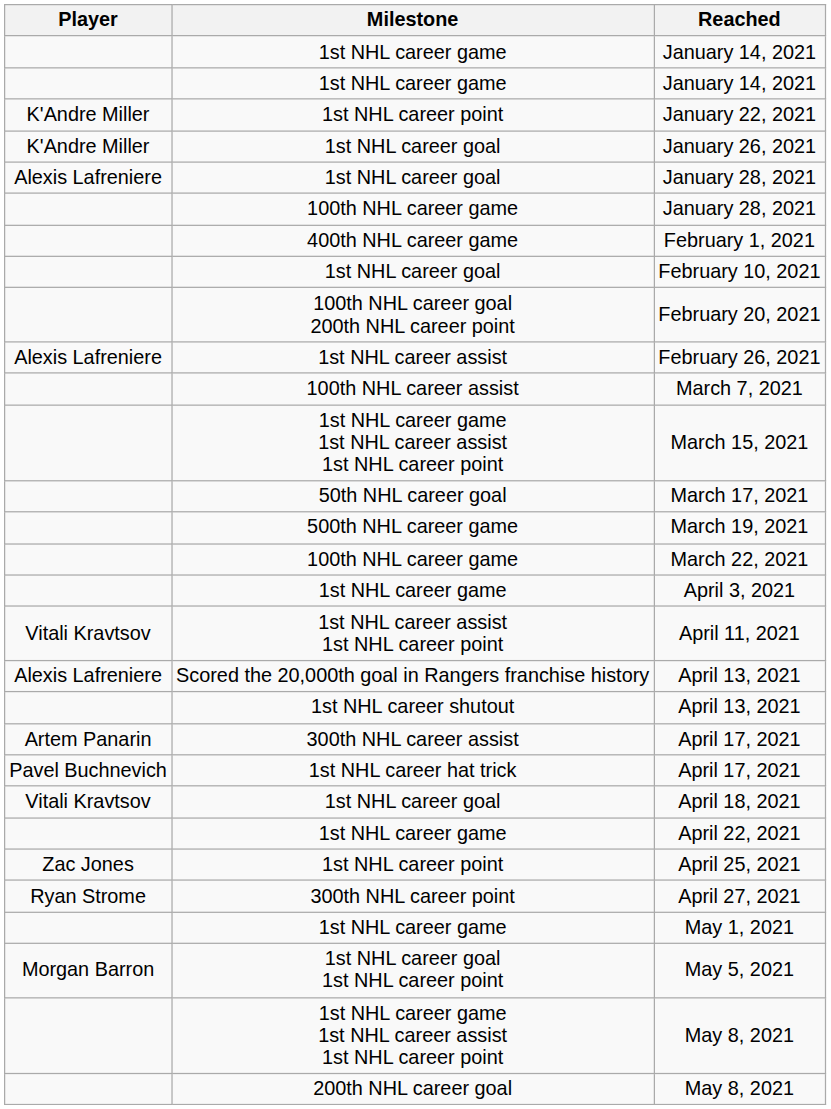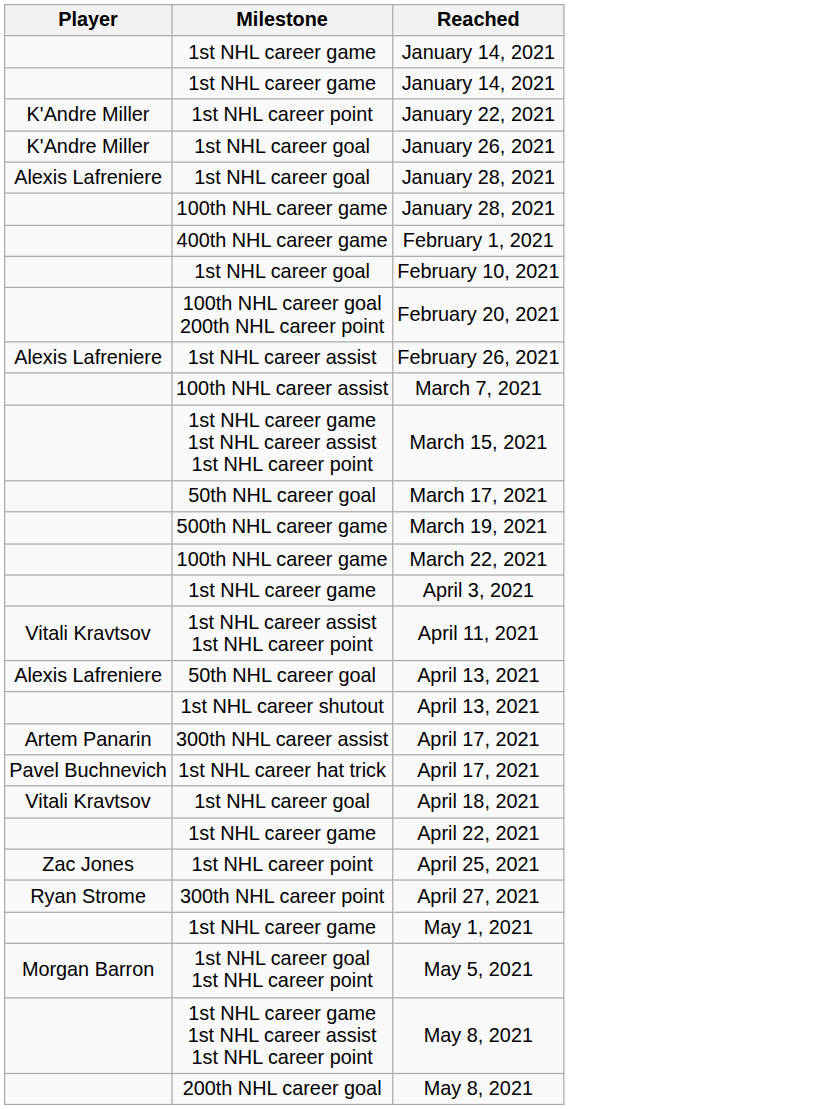 <table class="wikitable sortable" style="text-align:center;">
 <tr>
 <th>Player</th>
 <th>Milestone</th>
 <th>Reached</th>
 </tr>
 <tr>
 <td></td>
 <td>1st NHL career game</td>
 <td>January 14, 2021</td>
 </tr>
 <tr>
 <td></td>
 <td>1st NHL career game</td>
 <td>January 14, 2021</td>
 </tr>
 <tr>
 <td>K'Andre Miller</td>
 <td>1st NHL career point</td>
 <td>January 22, 2021</td>
 </tr>
 <tr>
 <td>K'Andre Miller</td>
 <td>1st NHL career goal</td>
 <td>January 26, 2021</td>
 </tr>
 <tr>
 <td>Alexis Lafreniere</td>
 <td>1st NHL career goal</td>
 <td>January 28, 2021</td>
 </tr>
 <tr>
 <td></td>
 <td>100th NHL career game</td>
 <td>January 28, 2021</td>
 </tr>
 <tr>
 <td></td>
 <td>400th NHL career game</td>
 <td>February 1, 2021</td>
 </tr>
 <tr>
 <td></td>
 <td>1st NHL career goal</td>
 <td>February 10, 2021</td>
 </tr>
 <tr>
 <td></td>
 <td>100th NHL career goal<br>200th NHL career point</td>
 <td>February 20, 2021</td>
 </tr>
 <tr>
 <td>Alexis Lafreniere</td>
 <td>1st NHL career assist</td>
 <td>February 26, 2021</td>
 </tr>
 <tr>
 <td></td>
 <td>100th NHL career assist</td>
 <td>March 7, 2021</td>
 </tr>
 <tr>
 <td></td>
 <td>1st NHL career game<br>1st NHL career assist<br>1st NHL career point</td>
 <td>March 15, 2021</td>
 </tr>
 <tr>
 <td></td>
 <td>50th NHL career goal</td>
 <td>March 17, 2021</td>
 </tr>
 <tr>
 <td></td>
 <td>500th NHL career game</td>
 <td>March 19, 2021</td>
 </tr>
 <tr>
 <td></td>
 <td>100th NHL career game</td>
 <td>March 22, 2021</td>
 </tr>
 <tr>
 <td></td>
 <td>1st NHL career game</td>
 <td>April 3, 2021</td>
 </tr>
 <tr>
 <td>Vitali Kravtsov</td>
 <td>1st NHL career assist<br>1st NHL career point</td>
 <td>April 11, 2021</td>
 </tr>
 <tr>
 <td>Alexis Lafreniere</td>
-<td>Scored the 20,000th goal in Rangers franchise history</td>
+<td>50th NHL career goal</td>
 <td>April 13, 2021</td>
 </tr>
 <tr>
 <td></td>
 <td>1st NHL career shutout</td>
 <td>April 13, 2021</td>
 </tr>
 <tr>
 <td>Artem Panarin</td>
 <td>300th NHL career assist</td>
 <td>April 17, 2021</td>
 </tr>
 <tr>
 <td>Pavel Buchnevich</td>
 <td>1st NHL career hat trick</td>
 <td>April 17, 2021</td>
 </tr>
 <tr>
 <td>Vitali Kravtsov</td>
 <td>1st NHL career goal</td>
 <td>April 18, 2021</td>
 </tr>
 <tr>
 <td></td>
 <td>1st NHL career game</td>
 <td>April 22, 2021</td>
 </tr>
 <tr>
 <td>Zac Jones</td>
 <td>1st NHL career point</td>
 <td>April 25, 2021</td>
 </tr>
 <tr>
 <td>Ryan Strome</td>
 <td>300th NHL career point</td>
 <td>April 27, 2021</td>
 </tr>
 <tr>
 <td></td>
 <td>1st NHL career game</td>
 <td>May 1, 2021</td>
 </tr>
 <tr>
 <td>Morgan Barron</td>
 <td>1st NHL career goal<br>1st NHL career point</td>
 <td>May 5, 2021</td>
 </tr>
 <tr>
 <td></td>
 <td>1st NHL career game<br>1st NHL career assist<br>1st NHL career point</td>
 <td>May 8, 2021</td>
 </tr>
 <tr>
 <td></td>
 <td>200th NHL career goal</td>
 <td>May 8, 2021</td>
 </tr>
 </table>
